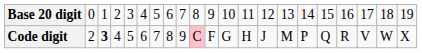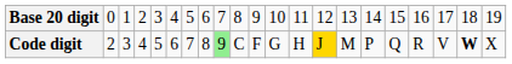 <table class="wikitable">
 <tr>
 <th style="text-align: left">Base 20 digit</th>
 <td>0</td>
 <td>1</td>
 <td>2</td>
 <td>3</td>
 <td>4</td>
 <td>5</td>
 <td>6</td>
 <td>7</td>
 <td>8</td>
 <td>9</td>
 <td>10</td>
 <td>11</td>
 <td>12</td>
 <td>13</td>
 <td>14</td>
 <td>15</td>
 <td>16</td>
 <td>17</td>
 <td>18</td>
 <td>19</td>
 </tr>
 <tr>
 <th style="text-align: left">Code digit</th>
 <td>2</td>
-<td><strong>3</strong></td>
+<td>3</td>
 <td>4</td>
 <td>5</td>
 <td>6</td>
 <td>7</td>
 <td>8</td>
-<td>9</td>
-<td style="background: pink;">C</td>
+<td style="background: lightgreen;">9</td>
+<td>C</td>
 <td>F</td>
 <td>G</td>
 <td>H</td>
-<td>J</td>
+<td style="background: gold;">J</td>
 <td>M</td>
 <td>P</td>
 <td>Q</td>
 <td>R</td>
 <td>V</td>
-<td>W</td>
+<td><strong>W</strong></td>
 <td>X</td>
 </tr>
 </table>
